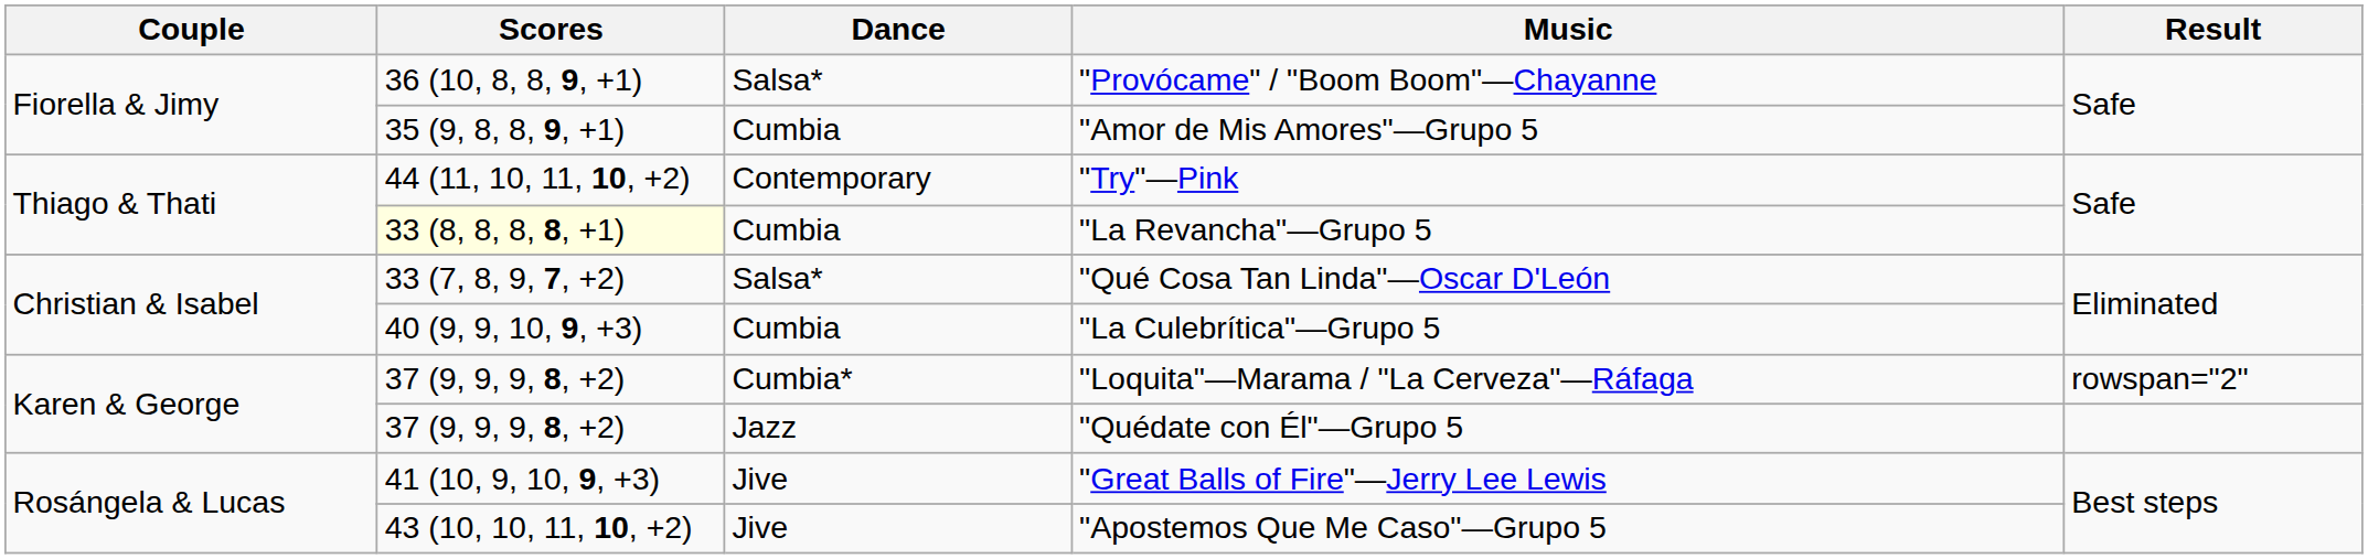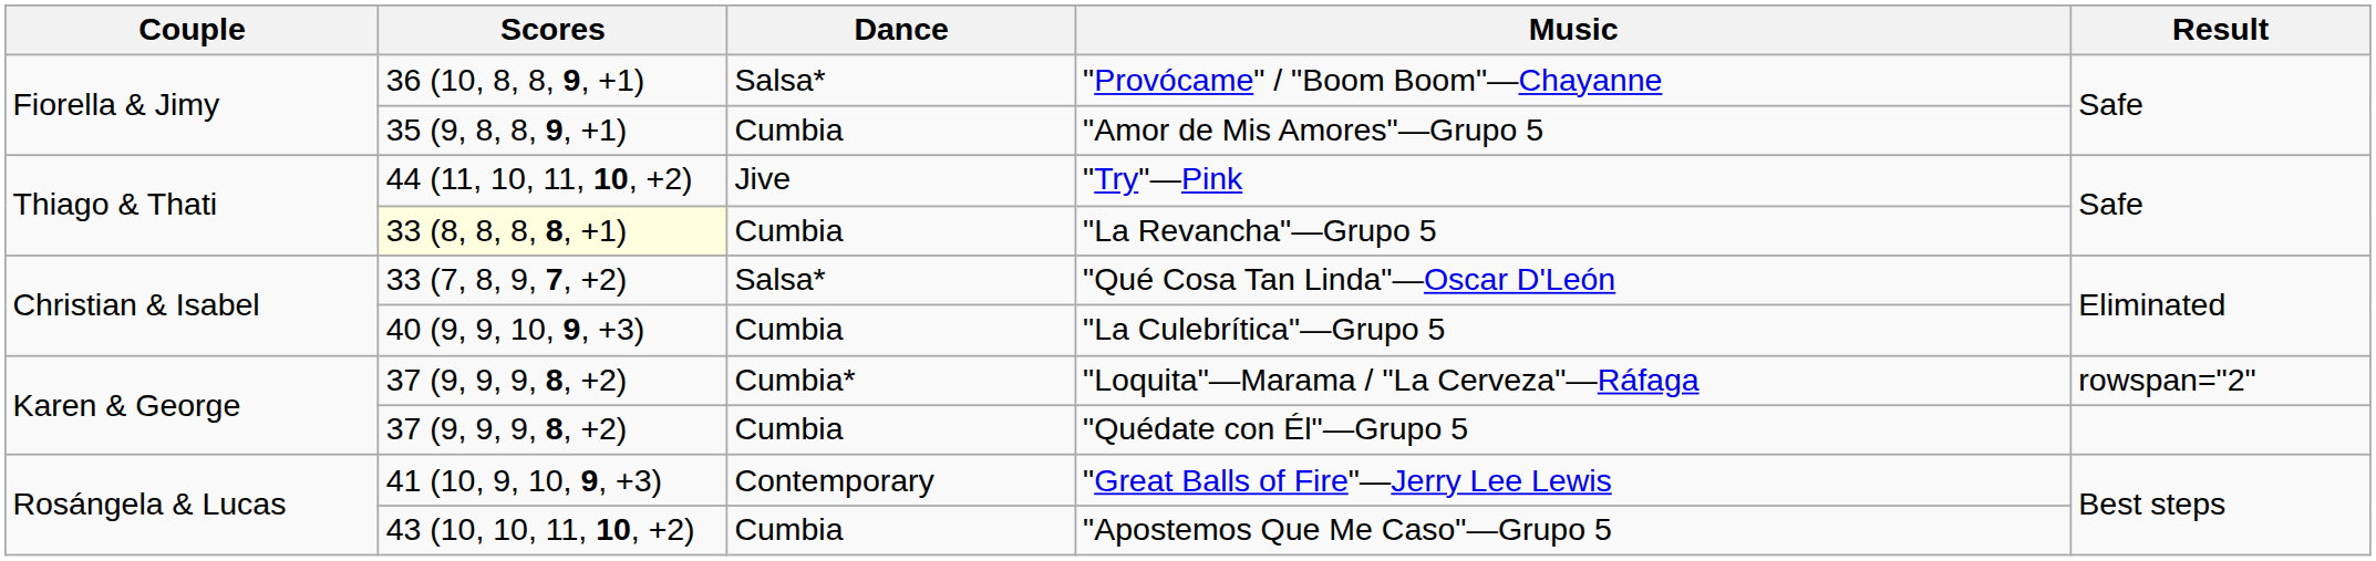 <table class="wikitable sortable" style="width:95%; white-space:nowrap">
 <tr>
 <th style="width:15%;">Couple</th>
 <th style="width:14%;">Scores</th>
 <th style="width:14%;">Dance</th>
 <th style="width:40%;">Music</th>
 <th style="width:12%;">Result</th>
 </tr>
 <tr>
 <td rowspan="2">Fiorella & Jimy</td>
 <td>36 (10, 8, 8, <strong>9</strong>, +1)</td>
 <td>Salsa*</td>
 <td>"<a href='#'>Provócame</a>" / "Boom Boom"—<a href='#'>Chayanne</a></td>
 <td rowspan=2>Safe</td>
 </tr>
 <tr>
 <td>35 (9, 8, 8, <strong>9</strong>, +1)</td>
 <td>Cumbia</td>
 <td>"Amor de Mis Amores"—Grupo 5</td>
 </tr>
 <tr>
 <td rowspan="2">Thiago & Thati</td>
 <td>44 (11, 10, 11, <strong>10</strong>, +2)</td>
-<td>Contemporary</td>
+<td>Jive</td>
 <td>"<a href='#'>Try</a>"—<a href='#'>Pink</a></td>
 <td rowspan=2>Safe</td>
 </tr>
 <tr>
 <td style="background: lightyellow;">33 (8, 8, 8, <strong>8</strong>, +1)</td>
 <td>Cumbia</td>
 <td>"La Revancha"—Grupo 5</td>
 </tr>
 <tr>
 <td rowspan="2">Christian & Isabel</td>
 <td>33 (7, 8, 9, <strong>7</strong>, +2)</td>
 <td>Salsa*</td>
 <td>"Qué Cosa Tan Linda"—<a href='#'>Oscar D'León</a></td>
 <td rowspan=2>Eliminated</td>
 </tr>
 <tr>
 <td>40 (9, 9, 10, <strong>9</strong>, +3)</td>
 <td>Cumbia</td>
 <td>"La Culebrítica"—Grupo 5</td>
 </tr>
 <tr>
 <td rowspan="2">Karen & George</td>
 <td>37 (9, 9, 9, <strong>8</strong>, +2)</td>
 <td>Cumbia*</td>
 <td>"Loquita"—Marama / "La Cerveza"—<a href='#'>Ráfaga</a></td>
 <td>rowspan="2" </td>
 </tr>
 <tr>
 <td>37 (9, 9, 9, <strong>8</strong>, +2)</td>
-<td>Jazz</td>
+<td>Cumbia</td>
 <td>"Quédate con Él"—Grupo 5</td>
 </tr>
 <tr>
 <td rowspan="2">Rosángela & Lucas</td>
 <td>41 (10, 9, 10, <strong>9</strong>, +3)</td>
-<td>Jive</td>
+<td>Contemporary</td>
 <td>"<a href='#'>Great Balls of Fire</a>"—<a href='#'>Jerry Lee Lewis</a></td>
 <td rowspan=2>Best steps</td>
 </tr>
 <tr>
 <td>43 (10, 10, 11, <strong>10</strong>, +2)</td>
-<td>Jive</td>
+<td>Cumbia</td>
 <td>"Apostemos Que Me Caso"—Grupo 5</td>
 </tr>
 </table>
